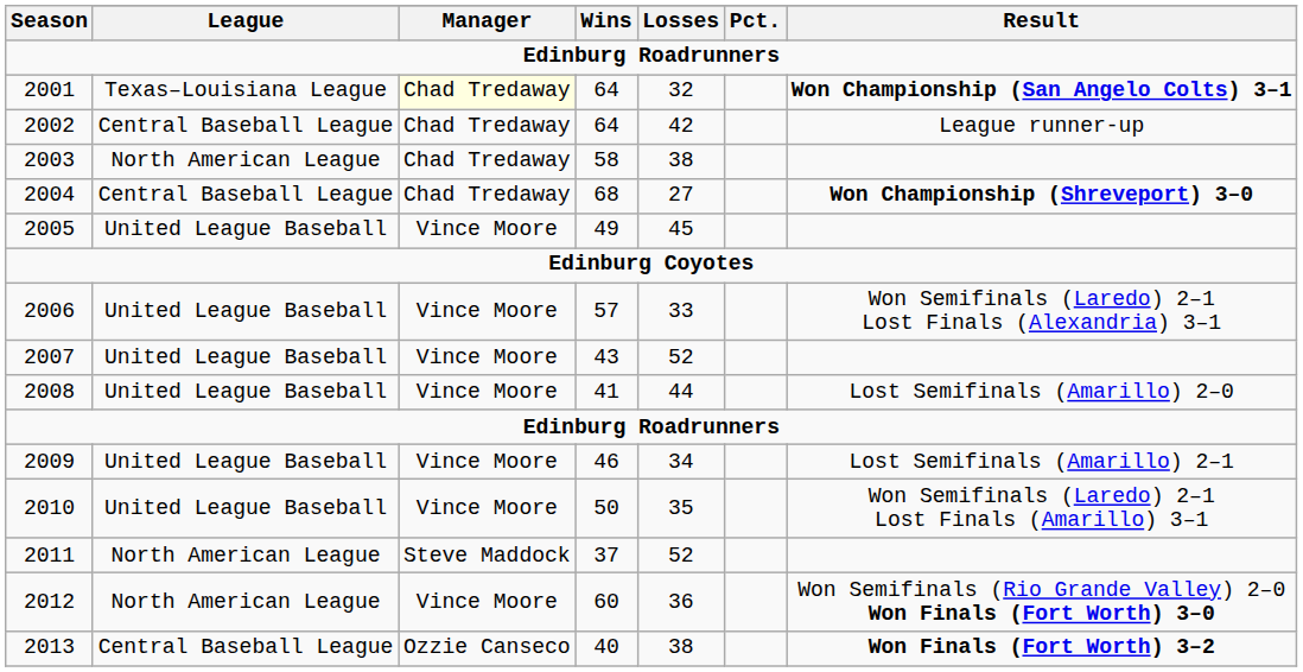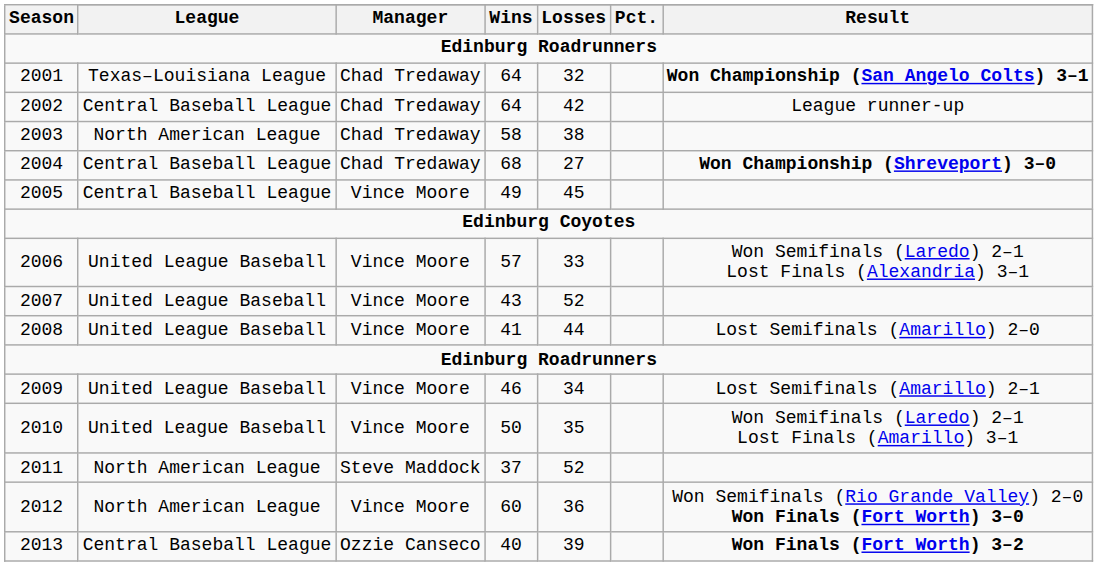 <table class="wikitable" style="font-size:95%; text-align:center">
 <tr>
 <th rowspan=2>Season</th>
 </tr>
 <tr>
 <th>League</th>
 <th>Manager</th>
 <th>Wins</th>
 <th>Losses</th>
 <th>Pct.</th>
 <th>Result</th>
 </tr>
 <tr>
 <td colspan=8><strong>Edinburg Roadrunners</strong></td>
 </tr>
 <tr>
 <td>2001</td>
 <td>Texas–Louisiana League</td>
-<td style="background: lightyellow;">Chad Tredaway</td>
+<td>Chad Tredaway</td>
 <td>64</td>
 <td>32</td>
 <td></td>
 <td><strong>Won Championship (<a href='#'>San Angelo Colts</a>) 3–1</strong></td>
 </tr>
 <tr>
 <td>2002</td>
 <td>Central Baseball League</td>
 <td>Chad Tredaway</td>
 <td>64</td>
 <td>42</td>
 <td></td>
 <td>League runner-up</td>
 </tr>
 <tr>
 <td>2003</td>
 <td>North American League</td>
 <td>Chad Tredaway</td>
 <td>58</td>
 <td>38</td>
 <td></td>
 </tr>
 <tr>
 <td>2004</td>
 <td>Central Baseball League</td>
 <td>Chad Tredaway</td>
 <td>68</td>
 <td>27</td>
 <td></td>
 <td><strong>Won Championship (<a href='#'>Shreveport</a>) 3–0</strong></td>
 </tr>
 <tr>
 <td>2005</td>
-<td>United League Baseball</td>
+<td>Central Baseball League</td>
 <td>Vince Moore</td>
 <td>49</td>
 <td>45</td>
 <td></td>
 </tr>
 <tr>
 <td colspan=8><strong>Edinburg Coyotes</strong></td>
 </tr>
 <tr>
 <td>2006</td>
 <td>United League Baseball</td>
 <td>Vince Moore</td>
 <td>57</td>
 <td>33</td>
 <td></td>
 <td>Won Semifinals (<a href='#'>Laredo</a>) 2–1 <br>Lost Finals (<a href='#'>Alexandria</a>) 3–1</td>
 </tr>
 <tr>
 <td>2007</td>
 <td>United League Baseball</td>
 <td>Vince Moore</td>
 <td>43</td>
 <td>52</td>
 <td></td>
 <td></td>
 </tr>
 <tr>
 <td>2008</td>
 <td>United League Baseball</td>
 <td>Vince Moore</td>
 <td>41</td>
 <td>44</td>
 <td></td>
 <td>Lost Semifinals (<a href='#'>Amarillo</a>) 2–0</td>
 </tr>
 <tr>
 <td colspan=8><strong>Edinburg Roadrunners</strong></td>
 </tr>
 <tr>
 <td>2009</td>
 <td>United League Baseball</td>
 <td>Vince Moore</td>
 <td>46</td>
 <td>34</td>
 <td></td>
 <td>Lost Semifinals (<a href='#'>Amarillo</a>) 2–1</td>
 </tr>
 <tr>
 <td>2010</td>
 <td>United League Baseball</td>
 <td>Vince Moore</td>
 <td>50</td>
 <td>35</td>
 <td></td>
 <td>Won Semifinals (<a href='#'>Laredo</a>) 2–1<br> Lost Finals (<a href='#'>Amarillo</a>) 3–1</td>
 </tr>
 <tr>
 <td>2011</td>
 <td>North American League</td>
 <td>Steve Maddock</td>
 <td>37</td>
 <td>52</td>
 <td></td>
 </tr>
 <tr>
 <td>2012</td>
 <td>North American League</td>
 <td>Vince Moore</td>
 <td>60</td>
 <td>36</td>
 <td></td>
 <td>Won Semifinals (<a href='#'>Rio Grande Valley</a>) 2–0<br><strong>Won Finals (<a href='#'>Fort Worth</a>) 3–0</strong></td>
 </tr>
 <tr>
 <td>2013</td>
 <td>Central Baseball League</td>
 <td>Ozzie Canseco</td>
 <td>40</td>
-<td>38</td>
+<td>39</td>
 <td></td>
 <td><strong>Won Finals (<a href='#'>Fort Worth</a>) 3–2</strong></td>
 </tr>
 </table>
